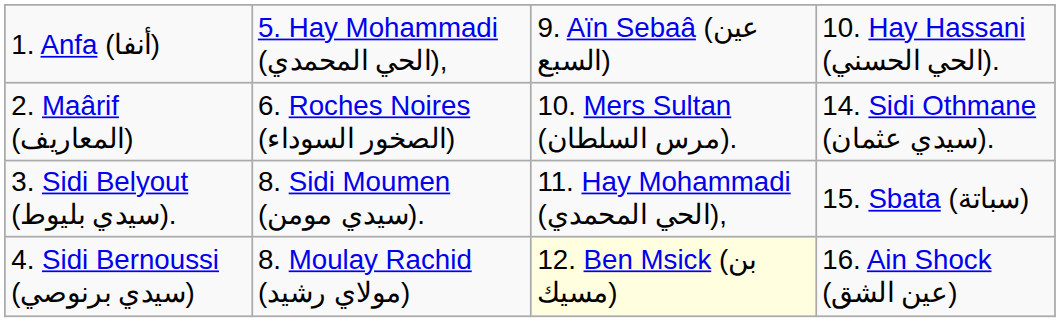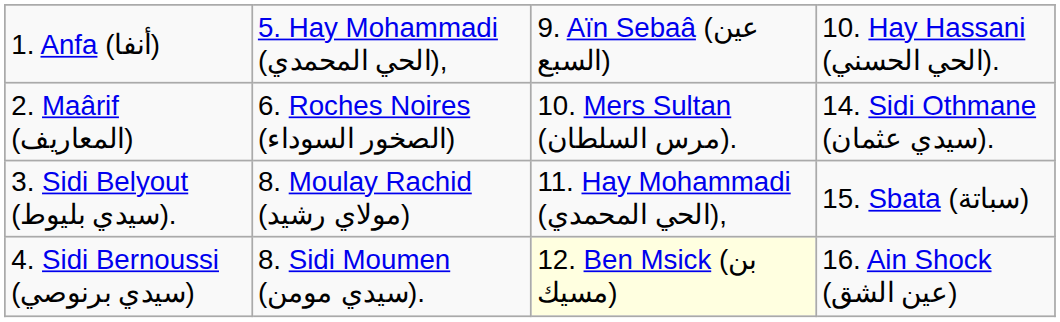 <table class="wikitable">
 <tr>
 <td>1. <a href='#'>Anfa</a> (أنفا)</td>
 <td><a href='#'>5. Hay Mohammadi</a> (الحي المحمدي),</td>
 <td>9. <a href='#'>Aïn Sebaâ</a> (عين السبع)</td>
 <td>10. <a href='#'>Hay Hassani</a> (الحي الحسني).</td>
 </tr>
 <tr>
 <td>2. <a href='#'>Maârif</a>  (المعاريف)</td>
 <td>6. <a href='#'>Roches Noires</a> (الصخور السوداء)</td>
 <td>10. <a href='#'>Mers Sultan</a> (مرس السلطان).</td>
 <td>14. <a href='#'>Sidi Othmane</a> (سيدي عثمان).</td>
 </tr>
 <tr>
 <td>3. <a href='#'>Sidi Belyout</a> (سيدي بليوط).</td>
-<td>8. <a href='#'>Sidi Moumen</a> (سيدي مومن).</td>
+<td>8. <a href='#'>Moulay Rachid</a> (مولاي رشيد)</td>
 <td>11. <a href='#'>Hay Mohammadi</a> (الحي المحمدي),</td>
 <td>15. <a href='#'>Sbata</a> (سباتة)</td>
 </tr>
 <tr>
 <td>4. <a href='#'>Sidi Bernoussi</a> (سيدي برنوصي)</td>
-<td>8. <a href='#'>Moulay Rachid</a> (مولاي رشيد)</td>
+<td>8. <a href='#'>Sidi Moumen</a> (سيدي مومن).</td>
 <td style="background: lightyellow;">12. <a href='#'>Ben Msick</a> (بن مسيك)</td>
 <td>16. <a href='#'>Ain Shock</a>  (عين الشق)</td>
 </tr>
 </table>
